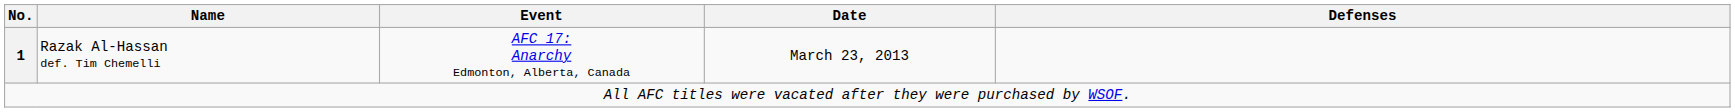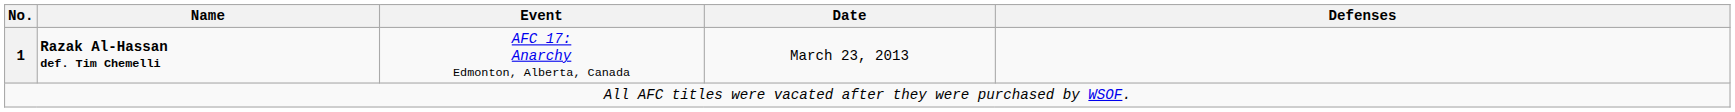 <table class="wikitable" width=100%>
 <tr>
 <th width=1%>No.</th>
 <th width=20%>Name</th>
 <th width=19%>Event</th>
 <th width=17%>Date</th>
 <th width=44%>Defenses</th>
 </tr>
 <tr>
 <th>1</th>
-<td align=left> Razak Al-Hassan<br><small>def. Tim Chemelli</small></td>
+<td align=left><strong> Razak Al-Hassan<br><small>def. Tim Chemelli</small></strong></td>
 <td align=center><em><a href='#'>AFC 17:</a></em><br><em><a href='#'>Anarchy</a></em><br><small>Edmonton, Alberta, Canada</small></td>
 <td align=center>March 23, 2013</td>
 <td></td>
 </tr>
 <tr>
 <td align="center" colspan="5"><em>All AFC titles were vacated after they were purchased by <a href='#'>WSOF</a>.</em></td>
 </tr>
 </table>
